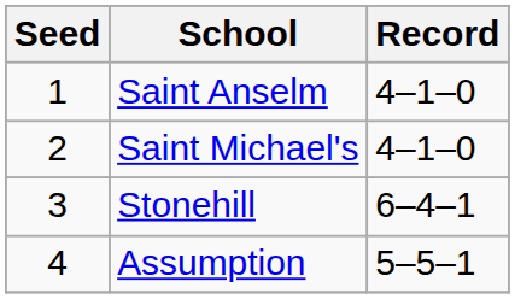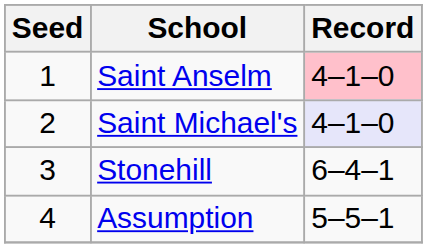 <table class="wikitable">
 <tr>
 <th>Seed</th>
 <th>School</th>
 <th>Record</th>
 </tr>
 <tr>
 <td align=center>1</td>
 <td><a href='#'>Saint Anselm</a></td>
-<td>4–1–0</td>
+<td style="background: pink;">4–1–0</td>
 </tr>
 <tr>
 <td align=center>2</td>
 <td><a href='#'>Saint Michael's</a></td>
-<td>4–1–0</td>
+<td style="background: lavender;">4–1–0</td>
 </tr>
 <tr>
 <td align=center>3</td>
 <td><a href='#'>Stonehill</a></td>
 <td>6–4–1</td>
 </tr>
 <tr>
 <td align=center>4</td>
 <td><a href='#'>Assumption</a></td>
 <td>5–5–1</td>
 </tr>
 <tr>
 </tr>
 </table>
